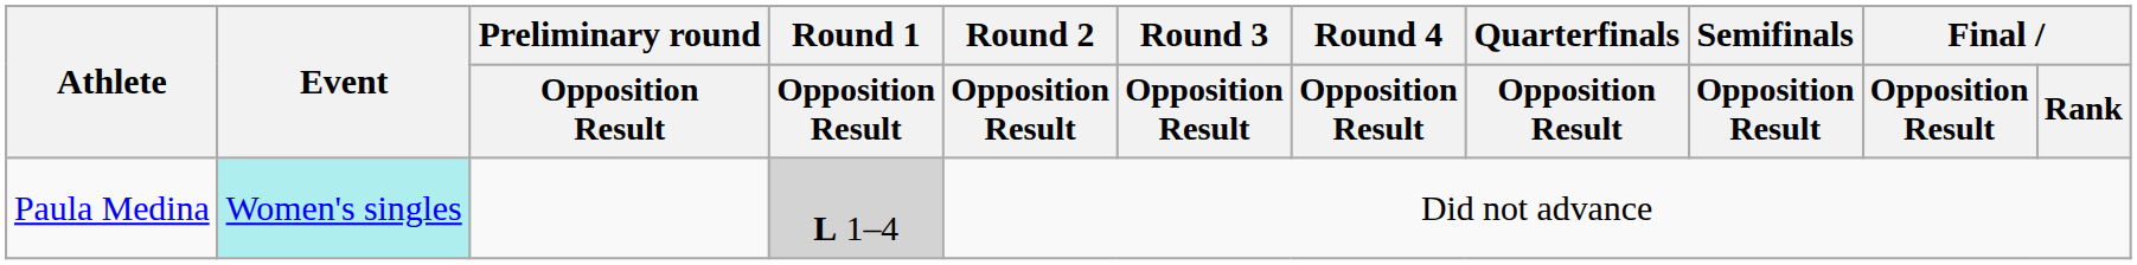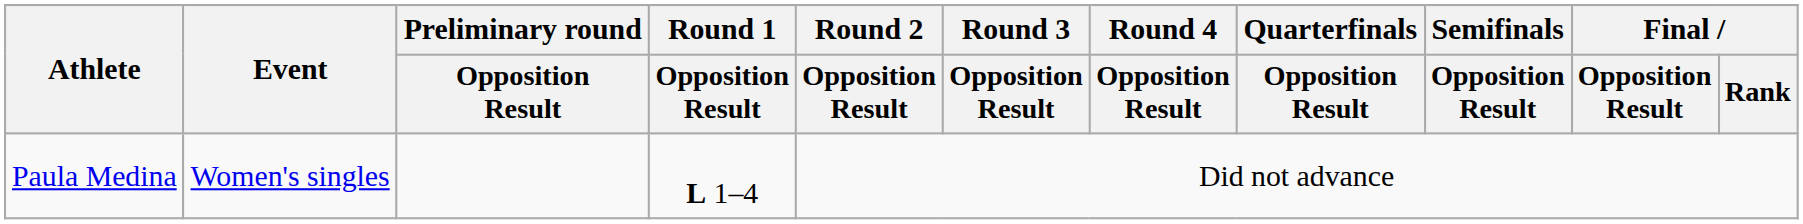 <table class="wikitable" style="font-size:90%">
 <tr>
 <th rowspan="2">Athlete</th>
 <th rowspan="2">Event</th>
 <th>Preliminary round</th>
 <th>Round 1</th>
 <th>Round 2</th>
 <th>Round 3</th>
 <th>Round 4</th>
 <th>Quarterfinals</th>
 <th>Semifinals</th>
 <th colspan=2>Final / </th>
 </tr>
 <tr style="font-size:95%">
 <th>Opposition<br>Result</th>
 <th>Opposition<br>Result</th>
 <th>Opposition<br>Result</th>
 <th>Opposition<br>Result</th>
 <th>Opposition<br>Result</th>
 <th>Opposition<br>Result</th>
 <th>Opposition<br>Result</th>
 <th>Opposition<br>Result</th>
 <th>Rank</th>
 </tr>
 <tr align=center>
 <td align=left><a href='#'>Paula Medina</a></td>
-<td align=left style="background: paleturquoise;"><a href='#'>Women's singles</a></td>
+<td align=left><a href='#'>Women's singles</a></td>
 <td></td>
-<td style="background: lightgrey;"><br> <strong>L</strong> 1–4</td>
+<td><br> <strong>L</strong> 1–4</td>
 <td colspan=7>Did not advance</td>
 </tr>
 </table>
